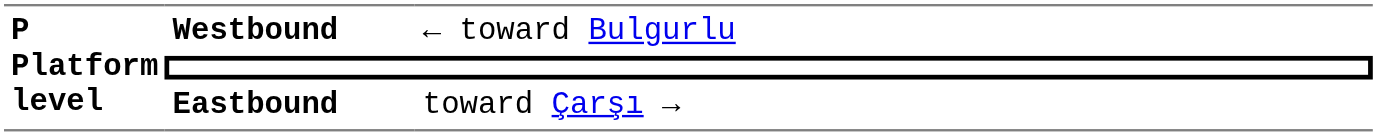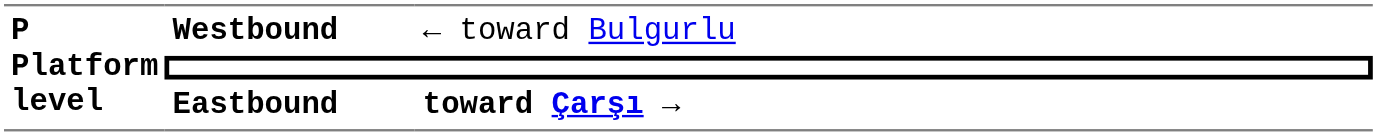 <table table border=0 cellspacing=0 cellpadding=3>
 <tr>
 <td style="border-top:solid 1px gray;border-bottom:solid 1px gray;" width=50 rowspan=3 valign=top><strong>P<br>Platform level</strong></td>
 <td style="border-top:solid 1px gray;" width=100><strong>Westbound</strong></td>
 <td style="border-top:solid 1px gray;" width=400>←  toward <a href='#'>Bulgurlu</a></td>
 </tr>
 <tr>
 <td style="border-top:solid 2px black;border-right:solid 2px black;border-left:solid 2px black;border-bottom:solid 2px black;text-align:center;" colspan=2></td>
 </tr>
 <tr>
 <td style="border-bottom:solid 1px gray;"><strong>Eastbound</strong></td>
-<td style="border-bottom:solid 1px gray;"> toward <a href='#'>Çarşı</a> →</td>
+<td style="border-bottom:solid 1px gray;"><strong> toward <a href='#'>Çarşı</a> →</strong></td>
 </tr>
 </table>
